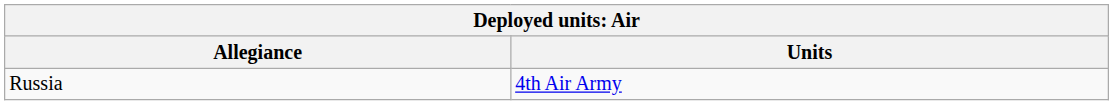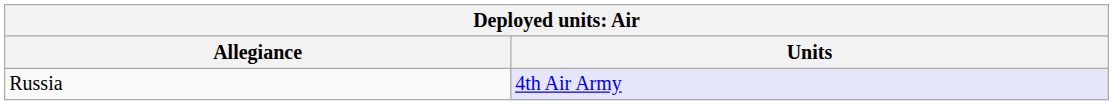 <table class="wikitable collapsible collapsed" style="width: 100%; margin-left: 0; margin-right: 0;">
 <tr>
 <th colspan="2">Deployed units: Air</th>
 </tr>
 <tr>
 <th>Allegiance</th>
 <th>Units</th>
 </tr>
 <tr>
 <td>Russia</td>
-<td><a href='#'>4th Air Army</a></td>
+<td style="background: lavender;"><a href='#'>4th Air Army</a></td>
 </tr>
 </table>
